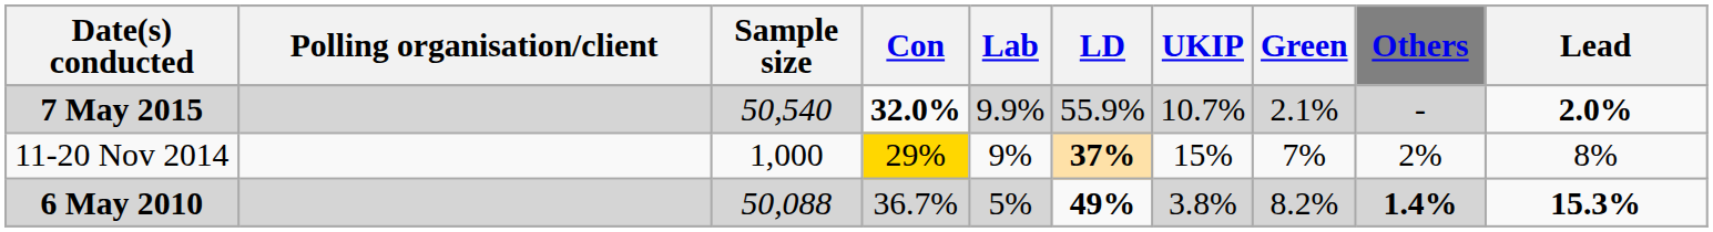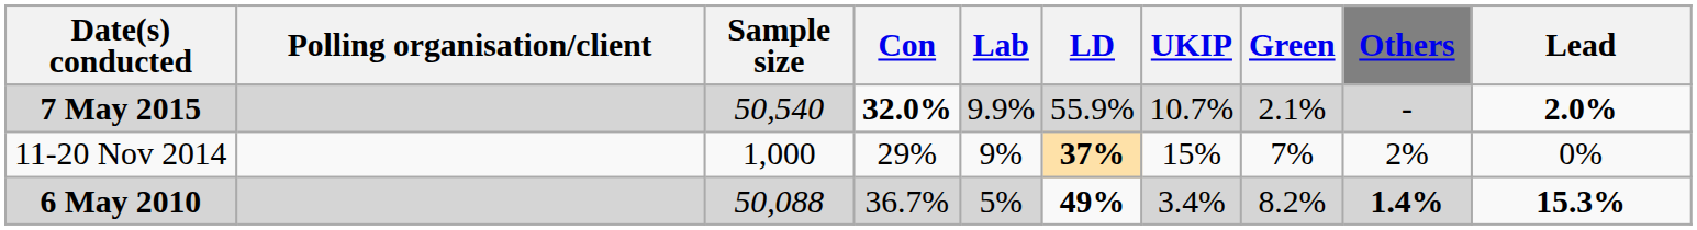 <table class="wikitable sortable" style="text-align:center;font-size:90%;line-height:14px">
 <tr>
 <th ! style="width:95px;">Date(s)<br>conducted</th>
 <th style="width:200px;">Polling organisation/client</th>
 <th class="unsortable" style="width:60px;">Sample size</th>
 <th class="unsortable" style="background:"><a href='#'><span>Con</span></a></th>
 <th class="unsortable" style="background:"><a href='#'><span>Lab</span></a></th>
 <th class="unsortable" style="background:"><a href='#'><span>LD</span></a></th>
 <th class="unsortable" style="background:"><a href='#'><span>UKIP</span></a></th>
 <th class="unsortable" style="background:"><a href='#'><span>Green</span></a></th>
 <th class="unsortable" style="background:gray; width:50px;"><a href='#'><span>Others</span></a></th>
 <th class="unsortable" style="width:90px;">Lead</th>
 </tr>
 <tr>
 <td style="background:#D5D5D5"><strong>7 May 2015</strong></td>
 <td style="background:#D5D5D5"></td>
 <td style="background:#D5D5D5"><em>50,540</em></td>
 <td style="background:"><strong>32.0%</strong></td>
 <td style="background:#D5D5D5">9.9%</td>
 <td style="background:#D5D5D5">55.9%</td>
 <td style="background:#D5D5D5">10.7%</td>
 <td style="background:#D5D5D5">2.1%</td>
 <td style="background:#D5D5D5">-</td>
 <td style="background:"><strong>2.0% </strong></td>
 </tr>
 <tr>
 <td>11-20 Nov 2014</td>
 <td> </td>
 <td>1,000</td>
-<td style="background: gold;">29%</td>
+<td>29%</td>
 <td>9%</td>
 <td style="background:#FEE1A8"><strong>37%</strong></td>
 <td>15%</td>
 <td>7%</td>
 <td>2%</td>
-<td style="background:">8%</td>
+<td style="background:">0%</td>
 </tr>
 <tr>
 <td style="background:#D5D5D5"><strong>6 May 2010</strong></td>
 <td style="background:#D5D5D5"></td>
 <td style="background:#D5D5D5"><em>50,088</em></td>
 <td style="background:#D5D5D5">36.7%</td>
 <td style="background:#D5D5D5">5%</td>
 <td style="background:"><strong>49%</strong></td>
-<td style="background:#D5D5D5">3.8%</td>
+<td style="background:#D5D5D5">3.4%</td>
 <td style="background:#D5D5D5">8.2%</td>
 <td style="background:#D5D5D5"><strong>1.4%</strong></td>
 <td style="background:"><strong>15.3% </strong></td>
 </tr>
 </table>
